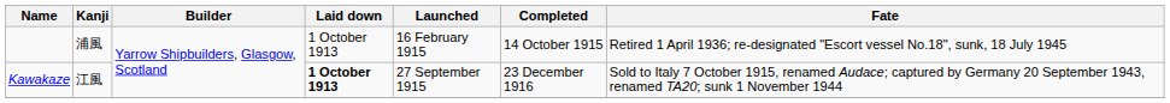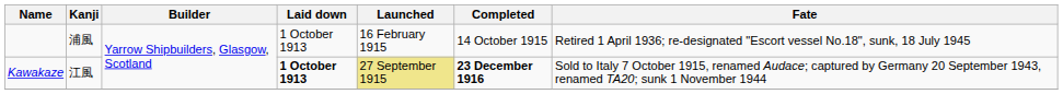 <table class="wikitable" style="font-size:90%;">
 <tr>
 <th>Name</th>
 <th>Kanji</th>
 <th>Builder</th>
 <th>Laid down</th>
 <th>Launched</th>
 <th>Completed</th>
 <th>Fate</th>
 </tr>
 <tr>
 <td></td>
 <td>浦風</td>
 <td rowspan=2><a href='#'>Yarrow Shipbuilders</a>, <a href='#'>Glasgow</a>, <a href='#'>Scotland</a></td>
 <td>1 October 1913</td>
 <td>16 February 1915</td>
 <td>14 October 1915</td>
 <td>Retired 1 April 1936; re-designated "Escort vessel No.18", sunk, 18 July 1945</td>
 </tr>
 <tr>
 <td><a href='#'><em>Kawakaze</em></a></td>
 <td>江風</td>
 <td><strong>1 October 1913</strong></td>
-<td>27 September 1915</td>
-<td>23 December 1916</td>
+<td style="background: khaki;">27 September 1915</td>
+<td><strong>23 December 1916</strong></td>
 <td>Sold to Italy 7 October 1915, renamed <em>Audace</em>; captured by Germany 20 September 1943, renamed <em>TA20</em>; sunk 1 November 1944</td>
 </tr>
 <tr>
 </tr>
 </table>
